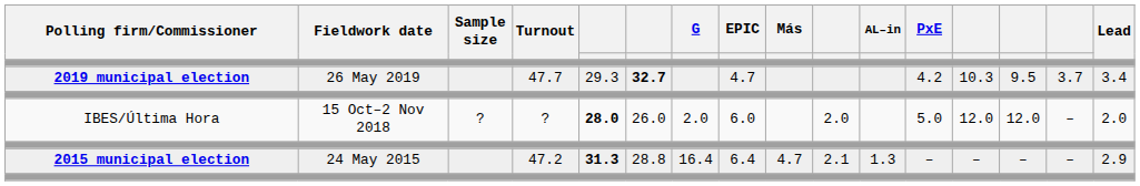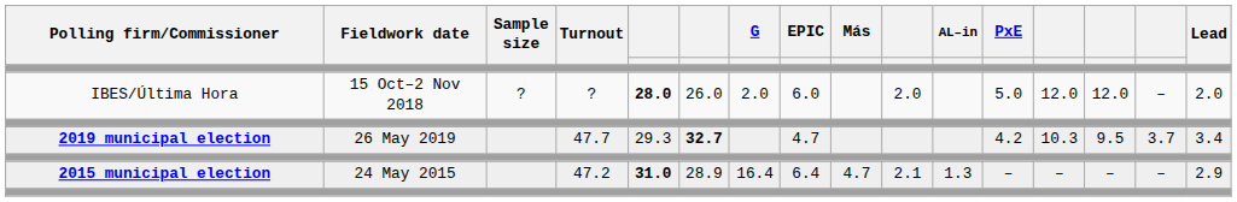 <table class="wikitable collapsible collapsed" style="text-align:center; font-size:95%; line-height:16px;">
 <tr style="height:42px;">
 <th style="width:250px;" rowspan="2">Polling firm/Commissioner</th>
 <th style="width:125px;" rowspan="2">Fieldwork date</th>
 <th style="width:50px;" rowspan="2">Sample size</th>
 <th style="width:45px;" rowspan="2">Turnout</th>
 <th style="width:35px;"></th>
 <th style="width:35px;"></th>
 <th style="width:35px;"><a href='#'>G</a></th>
 <th style="width:35px;">EPIC</th>
 <th style="width:35px;">Más</th>
 <th style="width:35px;"></th>
 <th style="width:35px; font-size:85%">AL–in</th>
 <th style="width:35px;"><a href='#'>PxE</a></th>
 <th style="width:35px;"></th>
 <th style="width:35px;"></th>
 <th style="width:35px;"></th>
 <th style="width:30px;" rowspan="2">Lead</th>
 </tr>
 <tr>
 <th style="color:inherit;background:"></th>
 <th style="color:inherit;background:"></th>
 <th style="color:inherit;background:"></th>
 <th style="color:inherit;background:"></th>
 <th style="color:inherit;background:"></th>
 <th style="color:inherit;background:"></th>
 <th style="color:inherit;background:"></th>
 <th style="color:inherit;background:"></th>
 <th style="color:inherit;background:"></th>
 <th style="color:inherit;background:"></th>
 <th style="color:inherit;background:"></th>
 </tr>
 <tr>
 <td colspan="16" style="background:#A0A0A0"></td>
 </tr>
-<tr style="background:#EFEFEF;">
-<td><strong><a href='#'>2019 municipal election</a></strong></td>
-<td>26 May 2019</td>
-<td></td>
-<td>47.7</td>
-<td>29.3<br></td>
-<td><strong>32.7</strong><br></td>
-<td></td>
-<td>4.7<br></td>
-<td></td>
-<td></td>
-<td></td>
-<td>4.2<br></td>
-<td>10.3<br></td>
-<td>9.5<br></td>
-<td>3.7<br></td>
-<td style="background:">3.4</td>
-</tr>
-<tr>
-<td colspan="16" style="background:#A0A0A0"></td>
-</tr>
 <tr>
 <td>IBES/Última Hora</td>
 <td>15 Oct–2 Nov 2018</td>
 <td>?</td>
 <td>?</td>
 <td><strong>28.0</strong><br></td>
 <td>26.0<br></td>
 <td>2.0<br></td>
 <td>6.0<br></td>
 <td></td>
 <td>2.0<br></td>
 <td></td>
 <td>5.0<br></td>
 <td>12.0<br></td>
 <td>12.0<br></td>
 <td>–</td>
 <td style="background:">2.0</td>
 </tr>
 <tr>
 <td colspan="16" style="background:#A0A0A0"></td>
 </tr>
 <tr style="background:#EFEFEF;">
+<td><strong><a href='#'>2019 municipal election</a></strong></td>
+<td>26 May 2019</td>
+<td></td>
+<td>47.7</td>
+<td>29.3<br></td>
+<td><strong>32.7</strong><br></td>
+<td></td>
+<td>4.7<br></td>
+<td></td>
+<td></td>
+<td></td>
+<td>4.2<br></td>
+<td>10.3<br></td>
+<td>9.5<br></td>
+<td>3.7<br></td>
+<td style="background:">3.4</td>
+</tr>
+<tr>
+<td colspan="16" style="background:#A0A0A0"></td>
+</tr>
+<tr style="background:#EFEFEF;">
 <td><strong><a href='#'>2015 municipal election</a></strong></td>
 <td>24 May 2015</td>
 <td></td>
 <td>47.2</td>
-<td><strong>31.3</strong><br></td>
-<td>28.8<br></td>
+<td><strong>31.0</strong><br></td>
+<td>28.9<br></td>
 <td>16.4<br></td>
 <td>6.4<br></td>
 <td>4.7<br></td>
 <td>2.1<br></td>
 <td>1.3<br></td>
 <td>–</td>
 <td>–</td>
 <td>–</td>
 <td>–</td>
 <td style="background:">2.9</td>
 </tr>
 <tr>
 <td colspan="16" style="background:#A0A0A0"></td>
 </tr>
 </table>
